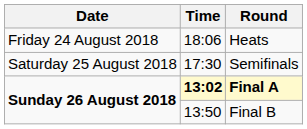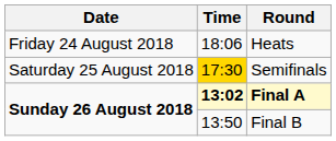 <table class="wikitable">
 <tr>
 <th>Date</th>
 <th>Time</th>
 <th>Round</th>
 </tr>
 <tr>
 <td>Friday 24 August 2018</td>
 <td>18:06</td>
 <td>Heats</td>
 </tr>
 <tr>
 <td>Saturday 25 August 2018</td>
-<td>17:30</td>
+<td style="background: gold;">17:30</td>
 <td>Semifinals</td>
 </tr>
 <tr>
 <td rowspan=2><strong>Sunday 26 August 2018</strong></td>
 <td style=background:lemonchiffon><strong>13:02</strong></td>
 <td style=background:lemonchiffon><strong>Final A</strong></td>
 </tr>
 <tr>
 <td>13:50</td>
 <td>Final B</td>
 </tr>
 </table>
